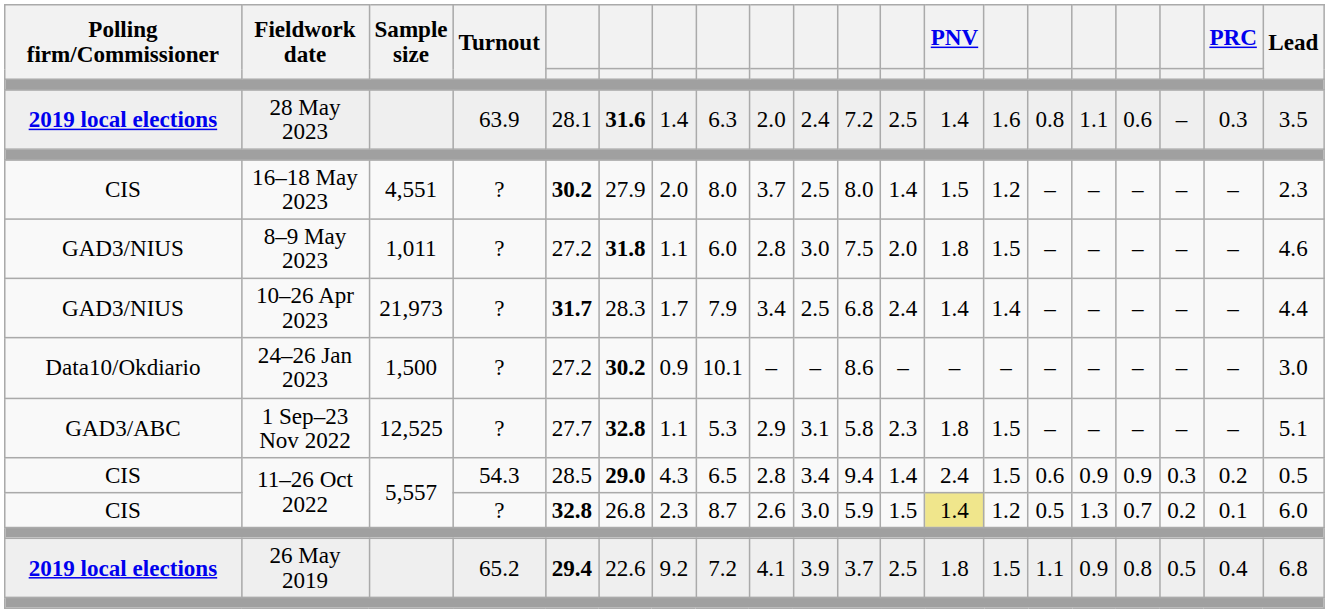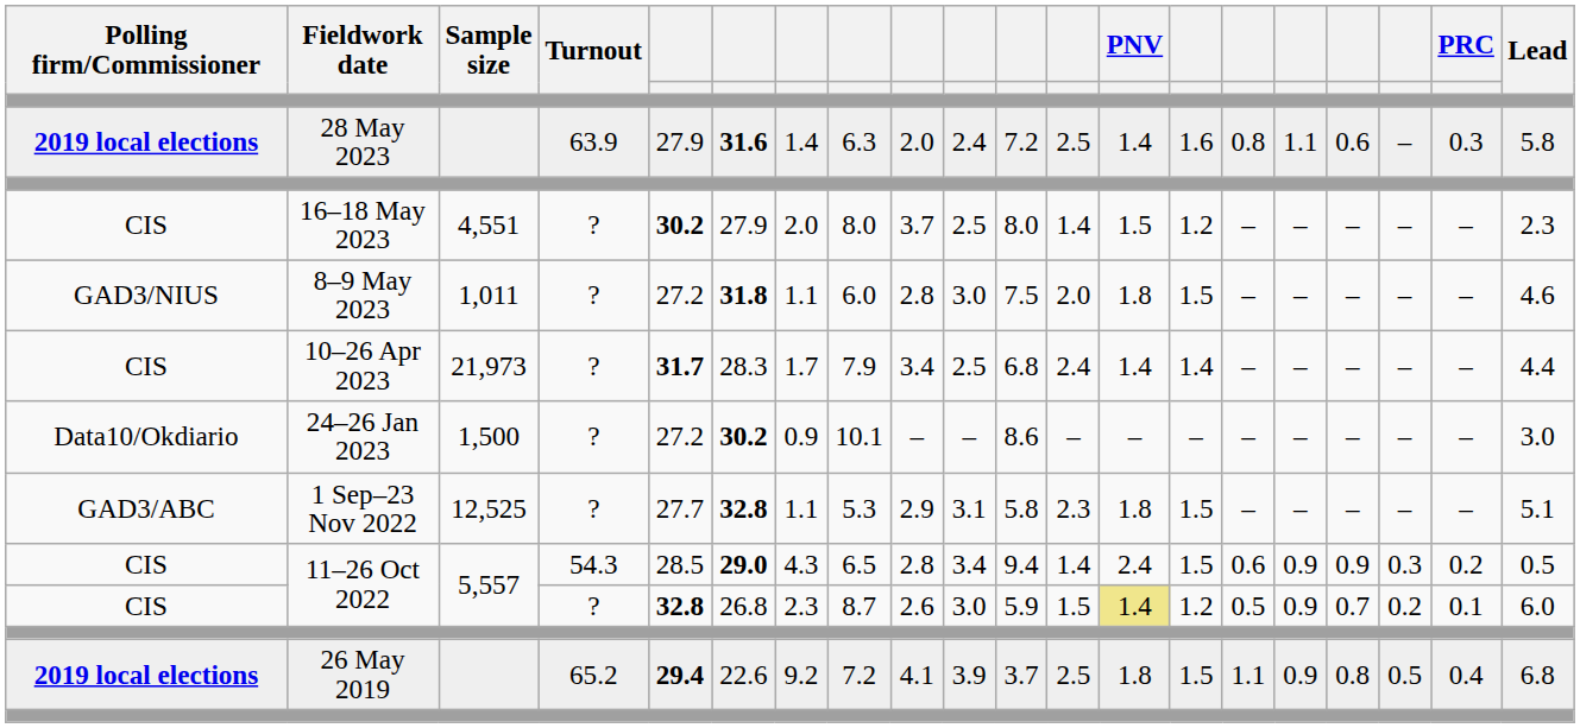 <table class="wikitable collapsible" style="text-align:center; font-size:95%; line-height:16px;">
 <tr style="height:42px;">
 <th style="width:250px;" rowspan="2">Polling firm/Commissioner</th>
 <th style="width:125px;" rowspan="2">Fieldwork date</th>
 <th style="width:50px;" rowspan="2">Sample size</th>
 <th style="width:45px;" rowspan="2">Turnout</th>
 <th style="width:35px;"></th>
 <th style="width:35px;"></th>
 <th style="width:35px;"></th>
 <th style="width:35px;"></th>
 <th style="width:35px;"></th>
 <th style="width:35px;"></th>
 <th style="width:35px;"></th>
 <th style="width:35px;"></th>
 <th style="width:35px;"><a href='#'>PNV</a></th>
 <th style="width:35px;"></th>
 <th style="width:35px;"></th>
 <th style="width:35px;"></th>
 <th style="width:35px;"></th>
 <th style="width:35px;"></th>
 <th style="width:35px;"><a href='#'>PRC</a></th>
 <th style="width:30px;" rowspan="2">Lead</th>
 </tr>
 <tr>
 <th style="color:inherit;background:"></th>
 <th style="color:inherit;background:"></th>
 <th style="color:inherit;background:"></th>
 <th style="color:inherit;background:"></th>
 <th style="color:inherit;background:"></th>
 <th style="color:inherit;background:"></th>
 <th style="color:inherit;background:"></th>
 <th style="color:inherit;background:"></th>
 <th style="color:inherit;background:"></th>
 <th style="color:inherit;background:"></th>
 <th style="color:inherit;background:"></th>
 <th style="color:inherit;background:"></th>
 <th style="color:inherit;background:"></th>
 <th style="color:inherit;background:"></th>
 <th style="color:inherit;background:"></th>
 </tr>
 <tr>
 <td colspan="20" style="background:#A0A0A0"></td>
 </tr>
 <tr style="background:#EFEFEF;">
 <td><strong><a href='#'>2019 local elections</a></strong></td>
 <td>28 May 2023</td>
 <td></td>
 <td>63.9</td>
-<td>28.1</td>
+<td>27.9</td>
 <td><strong>31.6</strong></td>
 <td>1.4</td>
 <td>6.3</td>
 <td>2.0</td>
 <td>2.4</td>
 <td>7.2</td>
 <td>2.5</td>
 <td>1.4</td>
 <td>1.6</td>
 <td>0.8</td>
 <td>1.1</td>
 <td>0.6</td>
 <td>–</td>
 <td>0.3</td>
-<td style="background:">3.5</td>
+<td style="background:">5.8</td>
 </tr>
 <tr>
 <td colspan="20" style="background:#A0A0A0"></td>
 </tr>
 <tr>
 <td>CIS</td>
 <td>16–18 May 2023</td>
 <td>4,551</td>
 <td>?</td>
 <td><strong>30.2</strong></td>
 <td>27.9</td>
 <td>2.0</td>
 <td>8.0</td>
 <td>3.7</td>
 <td>2.5</td>
 <td>8.0</td>
 <td>1.4</td>
 <td>1.5</td>
 <td>1.2</td>
 <td>–</td>
 <td>–</td>
 <td>–</td>
 <td>–</td>
 <td>–</td>
 <td style="background:">2.3</td>
 </tr>
 <tr>
 <td>GAD3/NIUS</td>
 <td>8–9 May 2023</td>
 <td>1,011</td>
 <td>?</td>
 <td>27.2</td>
 <td><strong>31.8</strong></td>
 <td>1.1</td>
 <td>6.0</td>
 <td>2.8</td>
 <td>3.0</td>
 <td>7.5</td>
 <td>2.0</td>
 <td>1.8</td>
 <td>1.5</td>
 <td>–</td>
 <td>–</td>
 <td>–</td>
 <td>–</td>
 <td>–</td>
 <td style="background:">4.6</td>
 </tr>
 <tr>
-<td>GAD3/NIUS</td>
+<td>CIS</td>
 <td>10–26 Apr 2023</td>
 <td>21,973</td>
 <td>?</td>
 <td><strong>31.7</strong></td>
 <td>28.3</td>
 <td>1.7</td>
 <td>7.9</td>
 <td>3.4</td>
 <td>2.5</td>
 <td>6.8</td>
 <td>2.4</td>
 <td>1.4</td>
 <td>1.4</td>
 <td>–</td>
 <td>–</td>
 <td>–</td>
 <td>–</td>
 <td>–</td>
 <td style="background:">4.4</td>
 </tr>
 <tr>
 <td>Data10/Okdiario</td>
 <td>24–26 Jan 2023</td>
 <td>1,500</td>
 <td>?</td>
 <td>27.2</td>
 <td><strong>30.2</strong></td>
 <td>0.9</td>
 <td>10.1</td>
 <td>–</td>
 <td>–</td>
 <td>8.6</td>
 <td>–</td>
 <td>–</td>
 <td>–</td>
 <td>–</td>
 <td>–</td>
 <td>–</td>
 <td>–</td>
 <td>–</td>
 <td style="background:">3.0</td>
 </tr>
 <tr>
 <td>GAD3/ABC</td>
 <td>1 Sep–23 Nov 2022</td>
 <td>12,525</td>
 <td>?</td>
 <td>27.7</td>
 <td><strong>32.8</strong></td>
 <td>1.1</td>
 <td>5.3</td>
 <td>2.9</td>
 <td>3.1</td>
 <td>5.8</td>
 <td>2.3</td>
 <td>1.8</td>
 <td>1.5</td>
 <td>–</td>
 <td>–</td>
 <td>–</td>
 <td>–</td>
 <td>–</td>
 <td style="background:">5.1</td>
 </tr>
 <tr>
 <td>CIS </td>
 <td rowspan="2">11–26 Oct 2022</td>
 <td rowspan="2">5,557</td>
 <td>54.3</td>
 <td>28.5</td>
 <td><strong>29.0</strong></td>
 <td>4.3</td>
 <td>6.5</td>
 <td>2.8</td>
 <td>3.4</td>
 <td>9.4</td>
 <td>1.4</td>
 <td>2.4</td>
 <td>1.5</td>
 <td>0.6</td>
 <td>0.9</td>
 <td>0.9</td>
 <td>0.3</td>
 <td>0.2</td>
 <td style="background:">0.5</td>
 </tr>
 <tr>
 <td>CIS</td>
 <td>?</td>
 <td><strong>32.8</strong></td>
 <td>26.8</td>
 <td>2.3</td>
 <td>8.7</td>
 <td>2.6</td>
 <td>3.0</td>
 <td>5.9</td>
 <td>1.5</td>
 <td style="background: khaki;">1.4</td>
 <td>1.2</td>
 <td>0.5</td>
-<td>1.3</td>
+<td>0.9</td>
 <td>0.7</td>
 <td>0.2</td>
 <td>0.1</td>
 <td style="background:">6.0</td>
 </tr>
 <tr>
 <td colspan="20" style="background:#A0A0A0"></td>
 </tr>
 <tr style="background:#EFEFEF;">
 <td><strong><a href='#'>2019 local elections</a></strong></td>
 <td>26 May 2019</td>
 <td></td>
 <td>65.2</td>
 <td><strong>29.4</strong></td>
 <td>22.6</td>
 <td>9.2</td>
 <td>7.2</td>
 <td>4.1</td>
 <td>3.9</td>
 <td>3.7</td>
 <td>2.5</td>
 <td>1.8</td>
 <td>1.5</td>
 <td>1.1</td>
 <td>0.9</td>
 <td>0.8</td>
 <td>0.5</td>
 <td>0.4</td>
 <td style="background:">6.8</td>
 </tr>
 <tr>
 <td colspan="20" style="background:#A0A0A0"></td>
 </tr>
 </table>
